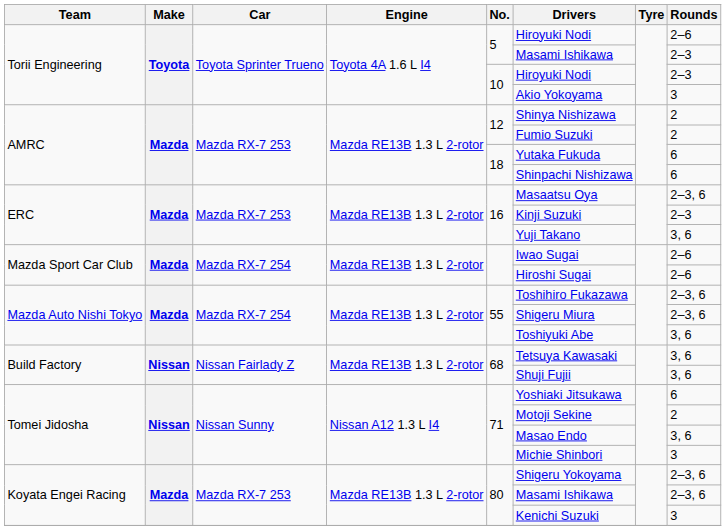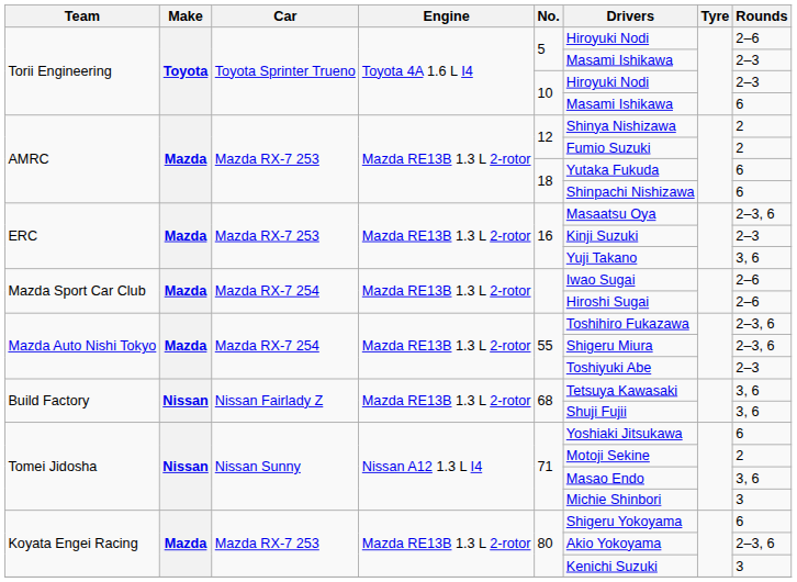 <table class="wikitable" style="font-size: 90%;">
 <tr>
 <th>Team</th>
 <th>Make</th>
 <th>Car</th>
 <th>Engine</th>
 <th>No.</th>
 <th>Drivers</th>
 <th>Tyre</th>
 <th>Rounds</th>
 </tr>
 <tr>
 <td rowspan=4>Torii Engineering</td>
 <th rowspan=4><a href='#'>Toyota</a></th>
 <td rowspan=4><a href='#'>Toyota Sprinter Trueno</a></td>
 <td rowspan=4><a href='#'>Toyota 4A</a> 1.6 L <a href='#'>I4</a></td>
 <td rowspan=2>5</td>
 <td> <a href='#'>Hiroyuki Nodi</a></td>
 <td align=center rowspan=4></td>
 <td>2–6</td>
 </tr>
 <tr>
 <td> <a href='#'>Masami Ishikawa</a></td>
 <td>2–3</td>
 </tr>
 <tr>
 <td rowspan=2>10</td>
 <td> <a href='#'>Hiroyuki Nodi</a></td>
 <td>2–3</td>
 </tr>
 <tr>
-<td> <a href='#'>Akio Yokoyama</a></td>
-<td>3</td>
+<td> <a href='#'>Masami Ishikawa</a></td>
+<td>6</td>
 </tr>
 <tr>
 <td rowspan=4>AMRC</td>
 <th rowspan=4><a href='#'>Mazda</a></th>
 <td rowspan=4><a href='#'>Mazda RX-7 253</a></td>
 <td rowspan=4><a href='#'>Mazda RE13B</a> 1.3 L <a href='#'>2-rotor</a></td>
 <td rowspan=2>12</td>
 <td> <a href='#'>Shinya Nishizawa</a></td>
 <td align=center rowspan=4></td>
 <td>2</td>
 </tr>
 <tr>
 <td> <a href='#'>Fumio Suzuki</a></td>
 <td>2</td>
 </tr>
 <tr>
 <td rowspan=2>18</td>
 <td> <a href='#'>Yutaka Fukuda</a></td>
 <td>6</td>
 </tr>
 <tr>
 <td> <a href='#'>Shinpachi Nishizawa</a></td>
 <td>6</td>
 </tr>
 <tr>
 <td rowspan=3>ERC</td>
 <th rowspan=3><a href='#'>Mazda</a></th>
 <td rowspan=3><a href='#'>Mazda RX-7 253</a></td>
 <td rowspan=3><a href='#'>Mazda RE13B</a> 1.3 L <a href='#'>2-rotor</a></td>
 <td rowspan=3>16</td>
 <td> <a href='#'>Masaatsu Oya</a></td>
 <td align=center rowspan=3></td>
 <td>2–3, 6</td>
 </tr>
 <tr>
 <td> <a href='#'>Kinji Suzuki</a></td>
 <td>2–3</td>
 </tr>
 <tr>
 <td> <a href='#'>Yuji Takano</a></td>
 <td>3, 6</td>
 </tr>
 <tr>
 <td rowspan=2>Mazda Sport Car Club</td>
 <th rowspan=2><a href='#'>Mazda</a></th>
 <td rowspan=2><a href='#'>Mazda RX-7 254</a></td>
 <td rowspan=2><a href='#'>Mazda RE13B</a> 1.3 L <a href='#'>2-rotor</a></td>
 <td rowspan=2></td>
 <td> <a href='#'>Iwao Sugai</a></td>
 <td align=center rowspan=2></td>
 <td>2–6</td>
 </tr>
 <tr>
 <td> <a href='#'>Hiroshi Sugai</a></td>
 <td>2–6</td>
 </tr>
 <tr>
 <td rowspan=3><a href='#'>Mazda Auto Nishi Tokyo</a></td>
 <th rowspan=3><a href='#'>Mazda</a></th>
 <td rowspan=3><a href='#'>Mazda RX-7 254</a></td>
 <td rowspan=3><a href='#'>Mazda RE13B</a> 1.3 L <a href='#'>2-rotor</a></td>
 <td rowspan=3>55</td>
 <td> <a href='#'>Toshihiro Fukazawa</a></td>
 <td align=center rowspan=3></td>
 <td>2–3, 6</td>
 </tr>
 <tr>
 <td> <a href='#'>Shigeru Miura</a></td>
 <td>2–3, 6</td>
 </tr>
 <tr>
 <td> <a href='#'>Toshiyuki Abe</a></td>
-<td>3, 6</td>
+<td>2–3</td>
 </tr>
 <tr>
 <td rowspan=2>Build Factory</td>
 <th rowspan=2><a href='#'>Nissan</a></th>
 <td rowspan=2><a href='#'>Nissan Fairlady Z</a></td>
 <td rowspan=2><a href='#'>Mazda RE13B</a> 1.3 L <a href='#'>2-rotor</a></td>
 <td rowspan=2>68</td>
 <td> <a href='#'>Tetsuya Kawasaki</a></td>
 <td align=center rowspan=2></td>
 <td>3, 6</td>
 </tr>
 <tr>
 <td> <a href='#'>Shuji Fujii</a></td>
 <td>3, 6</td>
 </tr>
 <tr>
 <td rowspan=4>Tomei Jidosha</td>
 <th rowspan=4><a href='#'>Nissan</a></th>
 <td rowspan=4><a href='#'>Nissan Sunny</a></td>
 <td rowspan=4><a href='#'>Nissan A12</a> 1.3 L <a href='#'>I4</a></td>
 <td rowspan=4>71</td>
 <td> <a href='#'>Yoshiaki Jitsukawa</a></td>
 <td align=center rowspan=4></td>
 <td>6</td>
 </tr>
 <tr>
 <td> <a href='#'>Motoji Sekine</a></td>
 <td>2</td>
 </tr>
 <tr>
 <td> <a href='#'>Masao Endo</a></td>
 <td>3, 6</td>
 </tr>
 <tr>
 <td> <a href='#'>Michie Shinbori</a></td>
 <td>3</td>
 </tr>
 <tr>
 <td rowspan=3>Koyata Engei Racing</td>
 <th rowspan=3><a href='#'>Mazda</a></th>
 <td rowspan=3><a href='#'>Mazda RX-7 253</a></td>
 <td rowspan=3><a href='#'>Mazda RE13B</a> 1.3 L <a href='#'>2-rotor</a></td>
 <td rowspan=3>80</td>
 <td> <a href='#'>Shigeru Yokoyama</a></td>
 <td align=center rowspan=3></td>
-<td>2–3, 6</td>
+<td>6</td>
 </tr>
 <tr>
-<td> <a href='#'>Masami Ishikawa</a></td>
+<td> <a href='#'>Akio Yokoyama</a></td>
 <td>2–3, 6</td>
 </tr>
 <tr>
 <td> <a href='#'>Kenichi Suzuki</a></td>
 <td>3</td>
 </tr>
 <tr>
 </tr>
 </table>
